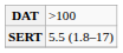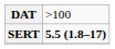 <table border="1" class="wikitable">
 <tr>
 <th>DAT</th>
 <td>>100</td>
 </tr>
 <tr>
 <th>SERT</th>
-<td>5.5 (1.8–17)</td>
+<td><strong>5.5 (1.8–17)</strong></td>
 </tr>
 <tr>
 </tr>
 </table>
